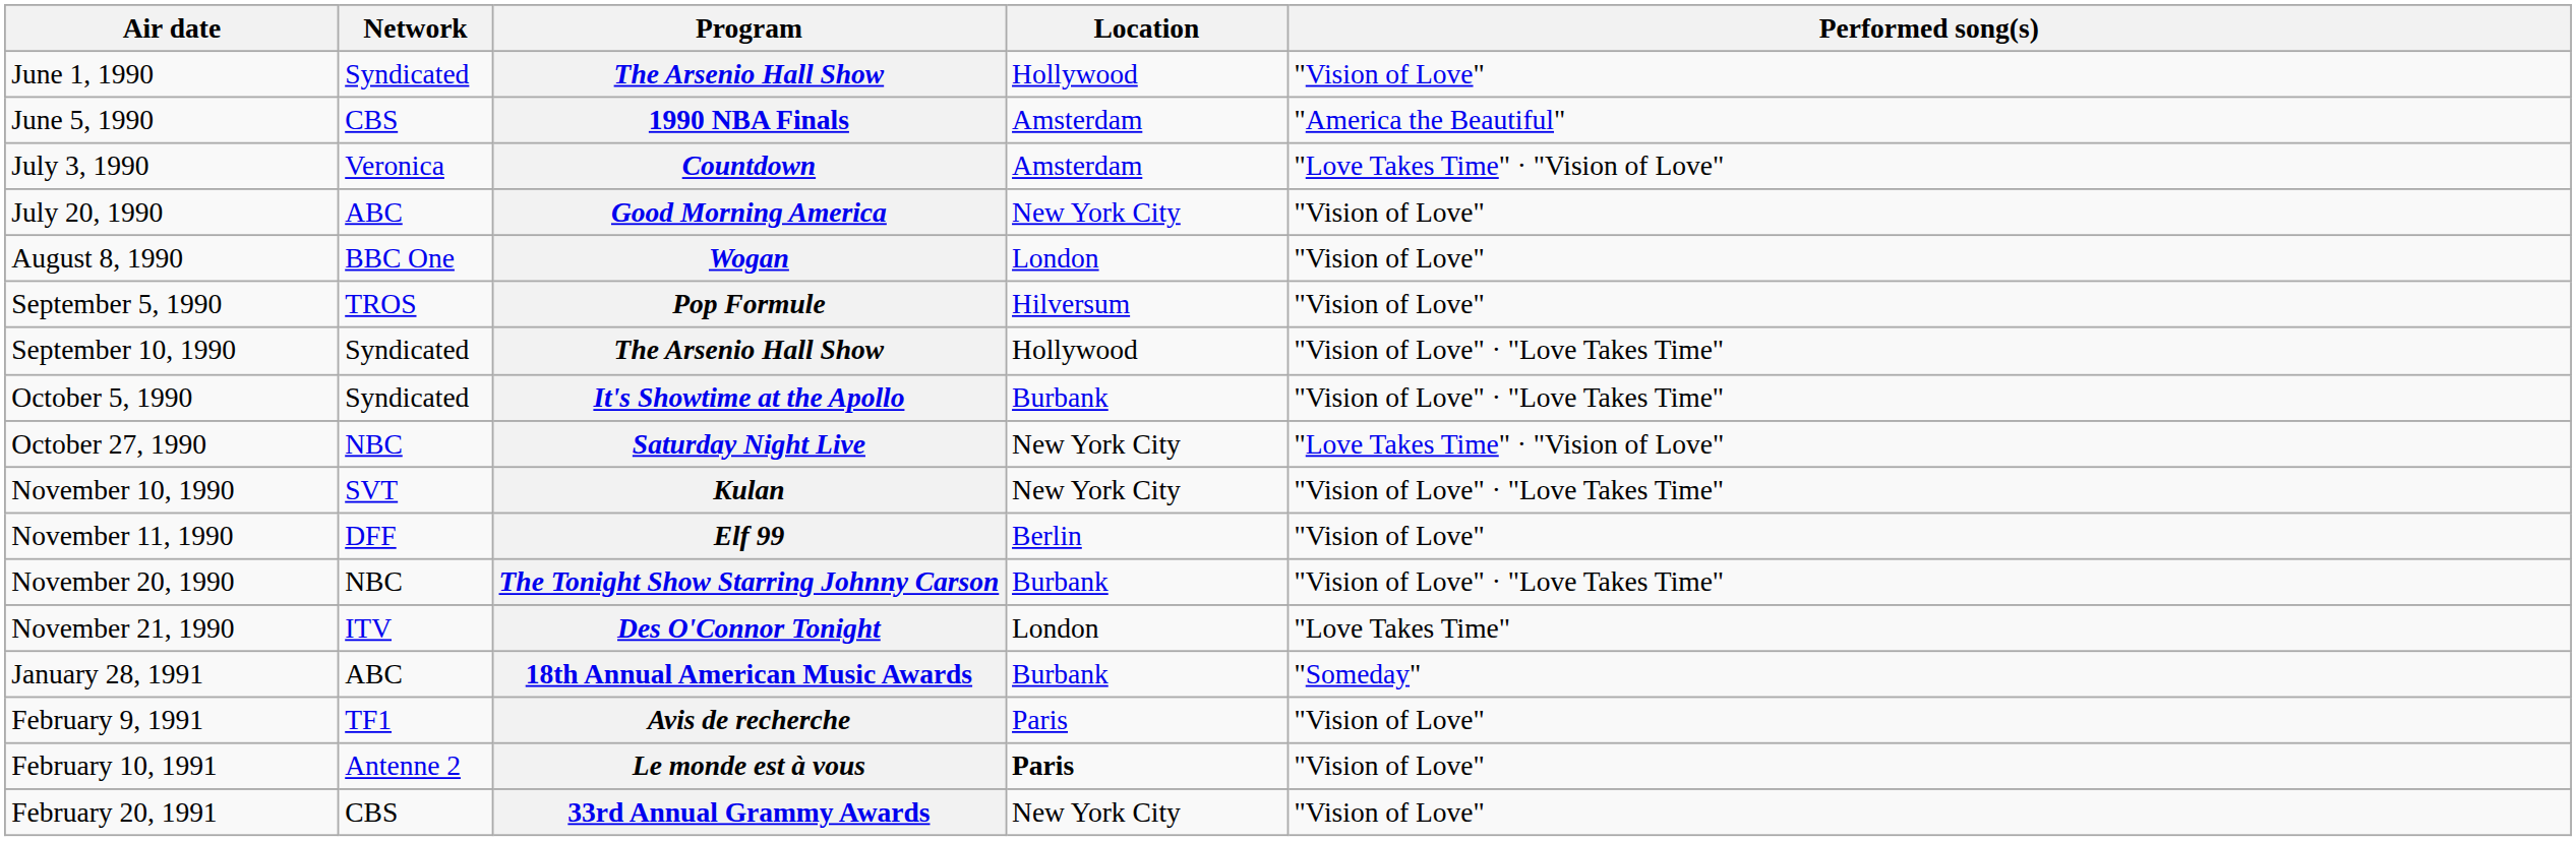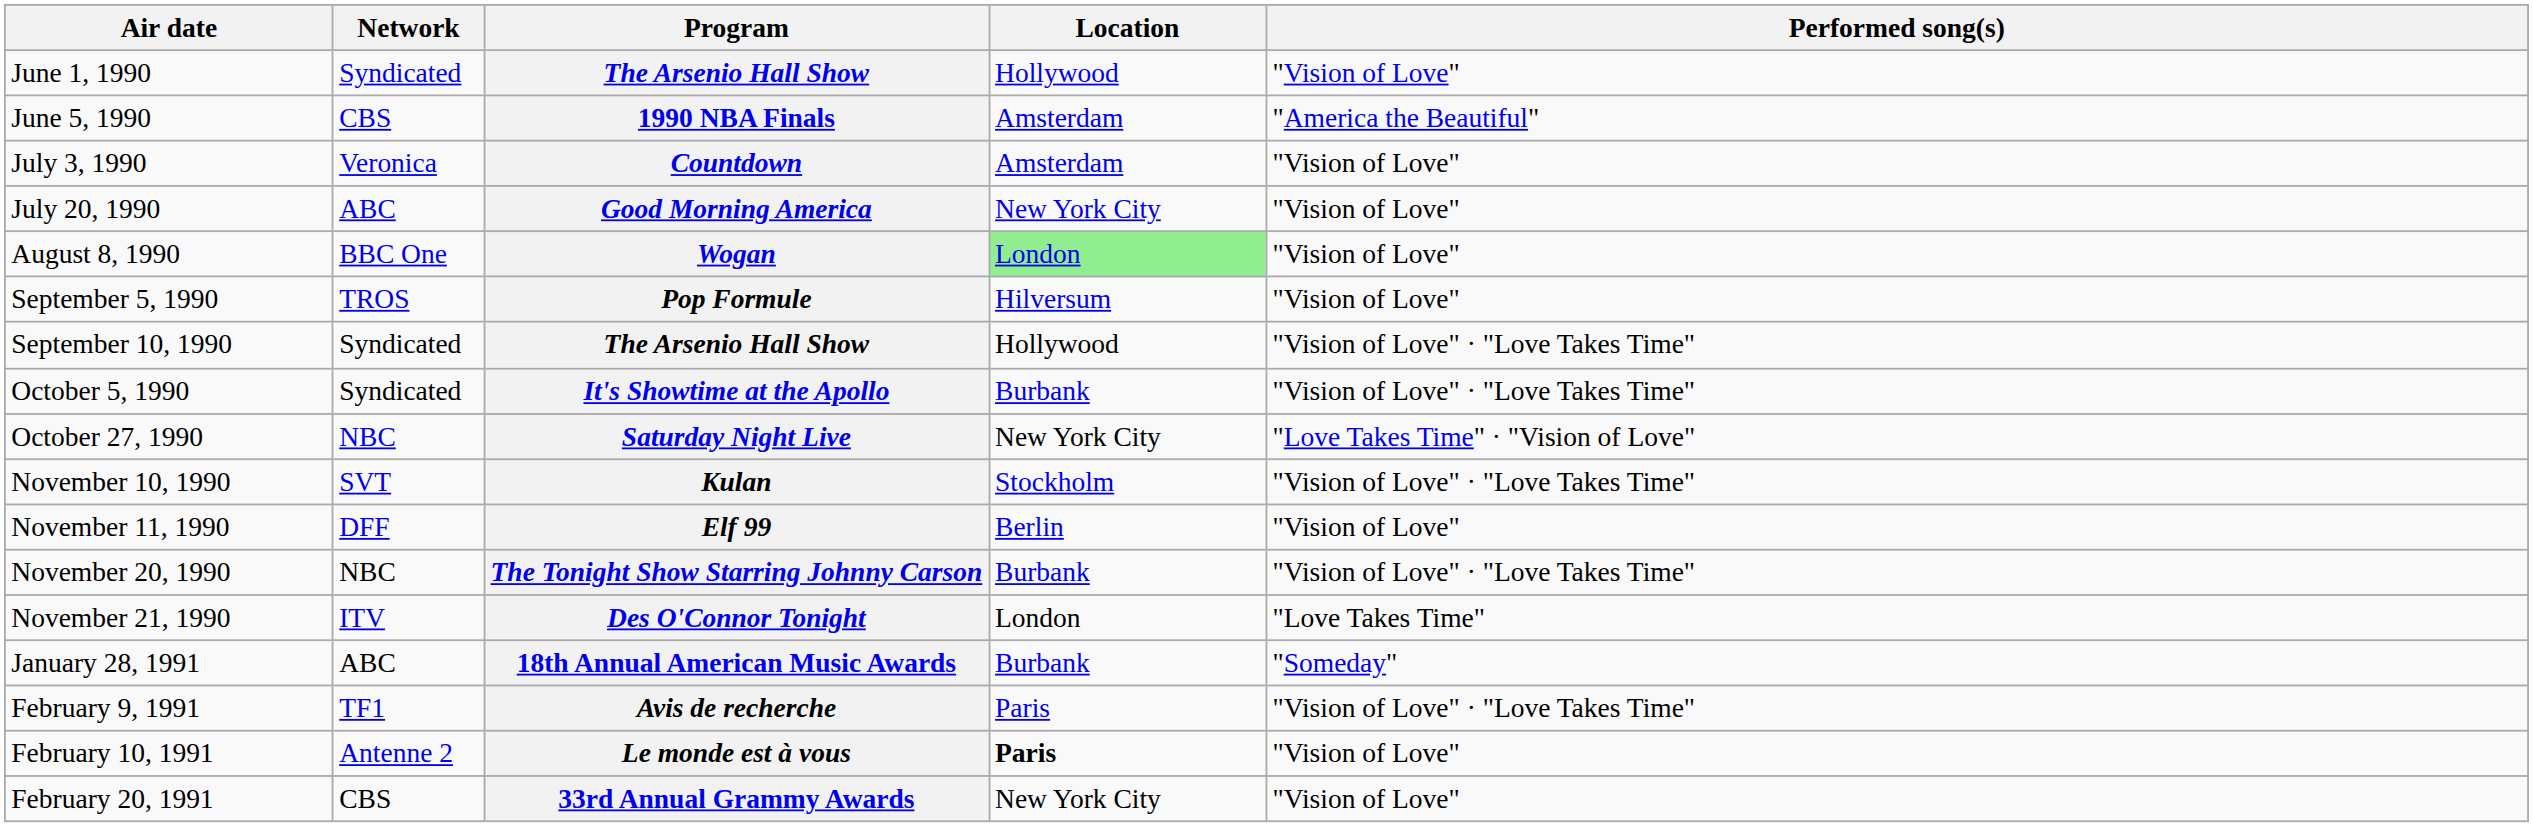 <table class="wikitable sortable plainrowheaders" style="font-size:95%;">
 <tr>
 <th style="width:13%;">Air date</th>
 <th style="width:6%;">Network</th>
 <th style="width:20%;">Program</th>
 <th style="width:11%;">Location</th>
 <th style="width:51%;">Performed song(s)</th>
 </tr>
 <tr>
 <td>June 1, 1990</td>
 <td><a href='#'>Syndicated</a></td>
 <th scope="row"><em><a href='#'>The Arsenio Hall Show</a></em></th>
 <td><a href='#'>Hollywood</a></td>
 <td>"<a href='#'>Vision of Love</a>"</td>
 </tr>
 <tr>
 <td>June 5, 1990</td>
 <td><a href='#'>CBS</a></td>
 <th scope="row"><a href='#'>1990 NBA Finals</a></th>
 <td><a href='#'>Amsterdam</a></td>
 <td>"<a href='#'>America the Beautiful</a>"</td>
 </tr>
 <tr>
 <td>July 3, 1990</td>
 <td><a href='#'>Veronica</a></td>
 <th scope="row"><em><a href='#'>Countdown</a></em></th>
 <td><a href='#'>Amsterdam</a></td>
-<td>"<a href='#'>Love Takes Time</a>" · "Vision of Love"</td>
+<td>"Vision of Love"</td>
 </tr>
 <tr>
 <td>July 20, 1990</td>
 <td><a href='#'>ABC</a></td>
 <th scope="row"><em><a href='#'>Good Morning America</a></em></th>
 <td><a href='#'>New York City</a></td>
 <td>"Vision of Love"</td>
 </tr>
 <tr>
 <td>August 8, 1990</td>
 <td><a href='#'>BBC One</a></td>
 <th scope="row"><em><a href='#'>Wogan</a></em></th>
-<td><a href='#'>London</a></td>
+<td style="background: lightgreen;"><a href='#'>London</a></td>
 <td>"Vision of Love"</td>
 </tr>
 <tr>
 <td>September 5, 1990</td>
 <td><a href='#'>TROS</a></td>
 <th scope="row"><em>Pop Formule</em></th>
 <td><a href='#'>Hilversum</a></td>
 <td>"Vision of Love"</td>
 </tr>
 <tr>
 <td>September 10, 1990</td>
 <td>Syndicated</td>
 <th scope="row"><em>The Arsenio Hall Show</em></th>
 <td>Hollywood</td>
 <td>"Vision of Love" · "Love Takes Time"</td>
 </tr>
 <tr>
 <td>October 5, 1990</td>
 <td>Syndicated</td>
 <th scope="row"><em><a href='#'>It's Showtime at the Apollo</a></em></th>
 <td><a href='#'>Burbank</a></td>
 <td>"Vision of Love" · "Love Takes Time"</td>
 </tr>
 <tr>
 <td>October 27, 1990</td>
 <td><a href='#'>NBC</a></td>
 <th scope="row"><em><a href='#'>Saturday Night Live</a></em></th>
 <td>New York City</td>
 <td>"<a href='#'>Love Takes Time</a>" · "Vision of Love"</td>
 </tr>
 <tr>
 <td>November 10, 1990</td>
 <td><a href='#'>SVT</a></td>
 <th scope="row"><em>Kulan</em></th>
-<td>New York City</td>
+<td><a href='#'>Stockholm</a></td>
 <td>"Vision of Love" · "Love Takes Time"</td>
 </tr>
 <tr>
 <td>November 11, 1990</td>
 <td><a href='#'>DFF</a></td>
 <th scope="row"><em>Elf 99</em></th>
 <td><a href='#'>Berlin</a></td>
 <td>"Vision of Love"</td>
 </tr>
 <tr>
 <td>November 20, 1990</td>
 <td>NBC</td>
 <th scope="row"><em><a href='#'>The Tonight Show Starring Johnny Carson</a></em></th>
 <td><a href='#'>Burbank</a></td>
 <td>"Vision of Love" · "Love Takes Time"</td>
 </tr>
 <tr>
 <td>November 21, 1990</td>
 <td><a href='#'>ITV</a></td>
 <th scope="row"><em><a href='#'>Des O'Connor Tonight</a></em></th>
 <td>London</td>
 <td>"Love Takes Time"</td>
 </tr>
 <tr>
 <td>January 28, 1991</td>
 <td>ABC</td>
 <th scope="row"><a href='#'>18th Annual American Music Awards</a></th>
 <td><a href='#'>Burbank</a></td>
 <td>"<a href='#'>Someday</a>"</td>
 </tr>
 <tr>
 <td>February 9, 1991</td>
 <td><a href='#'>TF1</a></td>
 <th scope="row"><em>Avis de recherche</em></th>
 <td><a href='#'>Paris</a></td>
-<td>"Vision of Love"</td>
+<td>"Vision of Love" · "Love Takes Time"</td>
 </tr>
 <tr>
 <td>February 10, 1991</td>
 <td><a href='#'>Antenne 2</a></td>
 <th scope="row"><em>Le monde est à vous</em></th>
 <td><strong>Paris</strong></td>
 <td>"Vision of Love"</td>
 </tr>
 <tr>
 <td>February 20, 1991</td>
 <td>CBS</td>
 <th scope="row"><a href='#'>33rd Annual Grammy Awards</a></th>
 <td>New York City</td>
 <td>"Vision of Love"</td>
 </tr>
 </table>
